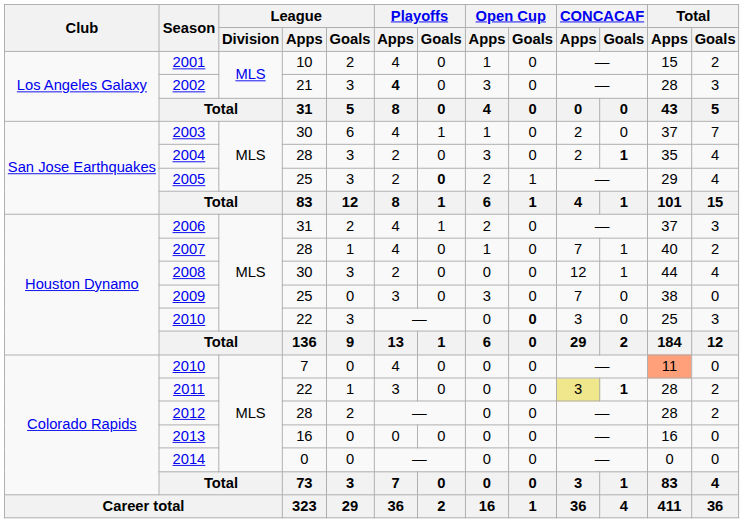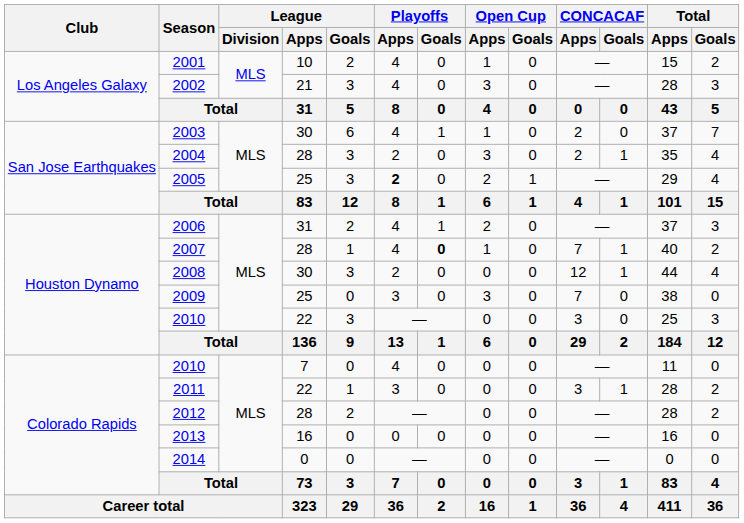 <table class="wikitable" style="text-align:center">
 <tr>
 <th rowspan="2">Club</th>
 <th rowspan="2">Season</th>
 <th colspan="3">League</th>
 <th colspan="2"><a href='#'>Playoffs</a></th>
 <th colspan="2"><a href='#'>Open Cup</a></th>
 <th colspan="2"><a href='#'>CONCACAF</a></th>
 <th colspan="2">Total</th>
 </tr>
 <tr>
 <th>Division</th>
 <th>Apps</th>
 <th>Goals</th>
 <th>Apps</th>
 <th>Goals</th>
 <th>Apps</th>
 <th>Goals</th>
 <th>Apps</th>
 <th>Goals</th>
 <th>Apps</th>
 <th>Goals</th>
 </tr>
 <tr>
 <td rowspan="3"><a href='#'>Los Angeles Galaxy</a></td>
 <td><a href='#'>2001</a></td>
 <td rowspan="2"><a href='#'>MLS</a></td>
 <td>10</td>
 <td>2</td>
 <td>4</td>
 <td>0</td>
 <td>1</td>
 <td>0</td>
 <td colspan="2">—</td>
 <td>15</td>
 <td>2</td>
 </tr>
 <tr>
 <td><a href='#'>2002</a></td>
 <td>21</td>
 <td>3</td>
-<td><strong>4</strong></td>
+<td>4</td>
 <td>0</td>
 <td>3</td>
 <td>0</td>
 <td colspan="2">—</td>
 <td>28</td>
 <td>3</td>
 </tr>
 <tr>
 <th colspan="2">Total</th>
 <th>31</th>
 <th>5</th>
 <th>8</th>
 <th>0</th>
 <th>4</th>
 <th>0</th>
 <th>0</th>
 <th>0</th>
 <th>43</th>
 <th>5</th>
 </tr>
 <tr>
 <td rowspan="4"><a href='#'>San Jose Earthquakes</a></td>
 <td><a href='#'>2003</a></td>
 <td rowspan="3">MLS</td>
 <td>30</td>
 <td>6</td>
 <td>4</td>
 <td>1</td>
 <td>1</td>
 <td>0</td>
 <td>2</td>
 <td>0</td>
 <td>37</td>
 <td>7</td>
 </tr>
 <tr>
 <td><a href='#'>2004</a></td>
 <td>28</td>
 <td>3</td>
 <td>2</td>
 <td>0</td>
 <td>3</td>
 <td>0</td>
 <td>2</td>
-<td><strong>1</strong></td>
+<td>1</td>
 <td>35</td>
 <td>4</td>
 </tr>
 <tr>
 <td><a href='#'>2005</a></td>
 <td>25</td>
 <td>3</td>
-<td>2</td>
-<td><strong>0</strong></td>
+<td><strong>2</strong></td>
+<td>0</td>
 <td>2</td>
 <td>1</td>
 <td colspan="2">—</td>
 <td>29</td>
 <td>4</td>
 </tr>
 <tr>
 <th colspan="2">Total</th>
 <th>83</th>
 <th>12</th>
 <th>8</th>
 <th>1</th>
 <th>6</th>
 <th>1</th>
 <th>4</th>
 <th>1</th>
 <th>101</th>
 <th>15</th>
 </tr>
 <tr>
 <td rowspan="6"><a href='#'>Houston Dynamo</a></td>
 <td><a href='#'>2006</a></td>
 <td rowspan="5">MLS</td>
 <td>31</td>
 <td>2</td>
 <td>4</td>
 <td>1</td>
 <td>2</td>
 <td>0</td>
 <td colspan="2">—</td>
 <td>37</td>
 <td>3</td>
 </tr>
 <tr>
 <td><a href='#'>2007</a></td>
 <td>28</td>
 <td>1</td>
 <td>4</td>
-<td>0</td>
+<td><strong>0</strong></td>
 <td>1</td>
 <td>0</td>
 <td>7</td>
 <td>1</td>
 <td>40</td>
 <td>2</td>
 </tr>
 <tr>
 <td><a href='#'>2008</a></td>
 <td>30</td>
 <td>3</td>
 <td>2</td>
 <td>0</td>
 <td>0</td>
 <td>0</td>
 <td>12</td>
 <td>1</td>
 <td>44</td>
 <td>4</td>
 </tr>
 <tr>
 <td><a href='#'>2009</a></td>
 <td>25</td>
 <td>0</td>
 <td>3</td>
 <td>0</td>
 <td>3</td>
 <td>0</td>
 <td>7</td>
 <td>0</td>
 <td>38</td>
 <td>0</td>
 </tr>
 <tr>
 <td><a href='#'>2010</a></td>
 <td>22</td>
 <td>3</td>
 <td colspan="2">—</td>
 <td>0</td>
-<td><strong>0</strong></td>
+<td>0</td>
 <td>3</td>
 <td>0</td>
 <td>25</td>
 <td>3</td>
 </tr>
 <tr>
 <th colspan="2">Total</th>
 <th>136</th>
 <th>9</th>
 <th>13</th>
 <th>1</th>
 <th>6</th>
 <th>0</th>
 <th>29</th>
 <th>2</th>
 <th>184</th>
 <th>12</th>
 </tr>
 <tr>
 <td rowspan="6"><a href='#'>Colorado Rapids</a></td>
 <td><a href='#'>2010</a></td>
 <td rowspan="5">MLS</td>
 <td>7</td>
 <td>0</td>
 <td>4</td>
 <td>0</td>
 <td>0</td>
 <td>0</td>
 <td colspan="2">—</td>
-<td style="background: lightsalmon;">11</td>
+<td>11</td>
 <td>0</td>
 </tr>
 <tr>
 <td><a href='#'>2011</a></td>
 <td>22</td>
 <td>1</td>
 <td>3</td>
 <td>0</td>
 <td>0</td>
 <td>0</td>
-<td style="background: khaki;">3</td>
-<td><strong>1</strong></td>
+<td>3</td>
+<td>1</td>
 <td>28</td>
 <td>2</td>
 </tr>
 <tr>
 <td><a href='#'>2012</a></td>
 <td>28</td>
 <td>2</td>
 <td colspan="2">—</td>
 <td>0</td>
 <td>0</td>
 <td colspan="2">—</td>
 <td>28</td>
 <td>2</td>
 </tr>
 <tr>
 <td><a href='#'>2013</a></td>
 <td>16</td>
 <td>0</td>
 <td>0</td>
 <td>0</td>
 <td>0</td>
 <td>0</td>
 <td colspan="2">—</td>
 <td>16</td>
 <td>0</td>
 </tr>
 <tr>
 <td><a href='#'>2014</a></td>
 <td>0</td>
 <td>0</td>
 <td colspan="2">—</td>
 <td>0</td>
 <td>0</td>
 <td colspan="2">—</td>
 <td>0</td>
 <td>0</td>
 </tr>
 <tr>
 <th colspan="2">Total</th>
 <th>73</th>
 <th>3</th>
 <th>7</th>
 <th>0</th>
 <th>0</th>
 <th>0</th>
 <th>3</th>
 <th>1</th>
 <th>83</th>
 <th>4</th>
 </tr>
 <tr>
 <th colspan="3">Career total</th>
 <th>323</th>
 <th>29</th>
 <th>36</th>
 <th>2</th>
 <th>16</th>
 <th>1</th>
 <th>36</th>
 <th>4</th>
 <th>411</th>
 <th>36</th>
 </tr>
 </table>
